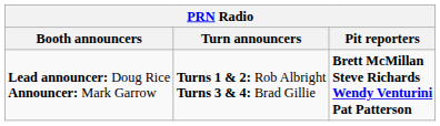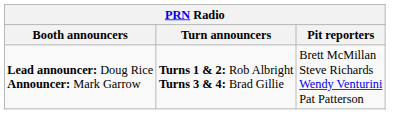 <table class="wikitable" style="font-size: 95%;">
 <tr>
 <th colspan="3"><a href='#'>PRN</a> Radio</th>
 </tr>
 <tr>
 <th>Booth announcers</th>
 <th>Turn announcers</th>
 <th>Pit reporters</th>
 </tr>
 <tr>
 <td><strong>Lead announcer:</strong> Doug Rice<br><strong>Announcer:</strong> Mark Garrow</td>
 <td><strong>Turns 1 & 2:</strong> Rob Albright<br><strong>Turns 3 & 4:</strong> Brad Gillie</td>
-<td><strong>Brett McMillan<br>Steve Richards<br><a href='#'>Wendy Venturini</a><br>Pat Patterson</strong></td>
+<td>Brett McMillan<br>Steve Richards<br><a href='#'>Wendy Venturini</a><br>Pat Patterson</td>
 </tr>
 </table>
